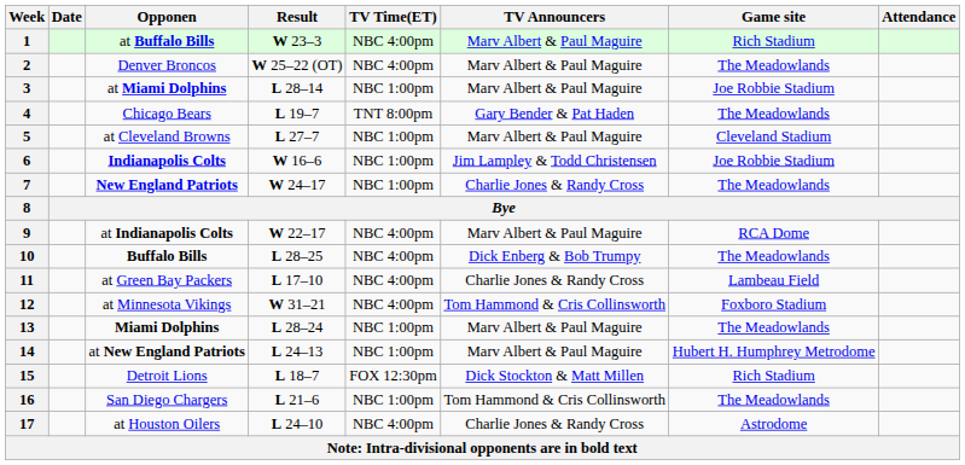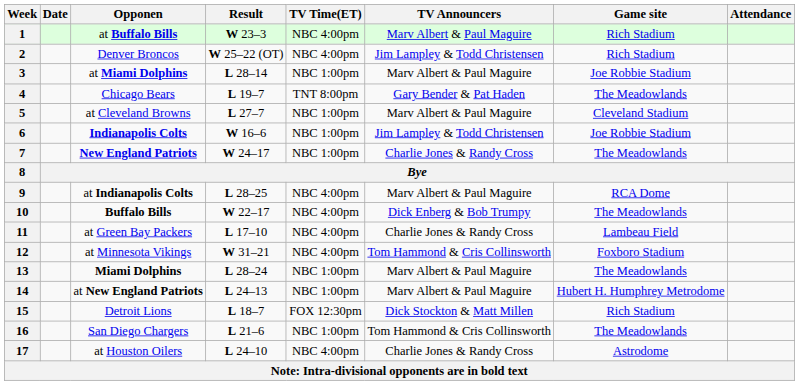 <table class="wikitable" style="text-align: center;">
 <tr>
 <th>Week</th>
 <th>Date</th>
 <th>Opponen</th>
 <th>Result</th>
 <th>TV Time(ET)</th>
 <th>TV Announcers</th>
 <th>Game site</th>
 <th>Attendance</th>
 </tr>
 <tr style="background: #ddffdd;">
 <th>1</th>
 <td></td>
 <td>at <strong><a href='#'>Buffalo Bills</a></strong></td>
 <td><strong>W</strong> 23–3</td>
 <td>NBC 4:00pm</td>
 <td><a href='#'>Marv Albert</a> & <a href='#'>Paul Maguire</a></td>
 <td><a href='#'>Rich Stadium</a></td>
 <td></td>
 </tr>
 <tr -style="background: #ddffdd;">
 <th>2</th>
 <td></td>
 <td><a href='#'>Denver Broncos</a></td>
 <td><strong>W</strong> 25–22 (OT)</td>
 <td>NBC 4:00pm</td>
-<td>Marv Albert & Paul Maguire</td>
-<td><a href='#'>The Meadowlands</a></td>
+<td><a href='#'>Jim Lampley</a> & <a href='#'>Todd Christensen</a></td>
+<td><a href='#'>Rich Stadium</a></td>
 <td></td>
 </tr>
 <tr -style="background: #ffdddd;">
 <th>3</th>
 <td></td>
 <td>at <strong><a href='#'>Miami Dolphins</a></strong></td>
 <td><strong>L</strong> 28–14</td>
 <td>NBC 1:00pm</td>
 <td>Marv Albert & Paul Maguire</td>
 <td><a href='#'>Joe Robbie Stadium</a></td>
 <td></td>
 </tr>
 <tr -style="background: #ffdddd;">
 <th>4</th>
 <td></td>
 <td><a href='#'>Chicago Bears</a></td>
 <td><strong>L</strong> 19–7</td>
 <td>TNT 8:00pm</td>
 <td><a href='#'>Gary Bender</a> & <a href='#'>Pat Haden</a></td>
 <td><a href='#'>The Meadowlands</a></td>
 <td></td>
 </tr>
 <tr -style="background: #ffdddd;">
 <th>5</th>
 <td></td>
 <td>at <a href='#'>Cleveland Browns</a></td>
 <td><strong>L</strong> 27–7</td>
 <td>NBC 1:00pm</td>
 <td>Marv Albert & Paul Maguire</td>
 <td><a href='#'>Cleveland Stadium</a></td>
 <td></td>
 </tr>
 <tr -style="background: #ddffdd;">
 <th>6</th>
 <td></td>
 <td><strong><a href='#'>Indianapolis Colts</a></strong></td>
 <td><strong>W</strong> 16–6</td>
 <td>NBC 1:00pm</td>
 <td><a href='#'>Jim Lampley</a> & <a href='#'>Todd Christensen</a></td>
 <td><a href='#'>Joe Robbie Stadium</a></td>
 <td></td>
 </tr>
 <tr -style="background: #ddffdd;">
 <th>7</th>
 <td></td>
 <td><strong><a href='#'>New England Patriots</a></strong></td>
 <td><strong>W</strong> 24–17</td>
 <td>NBC 1:00pm</td>
 <td><a href='#'>Charlie Jones</a> & <a href='#'>Randy Cross</a></td>
 <td><a href='#'>The Meadowlands</a></td>
 <td></td>
 </tr>
 <tr>
 <th>8</th>
 <th colspan="7"><em>Bye</em></th>
 </tr>
 <tr -style="background: #ffdddd;">
 <th>9</th>
 <td></td>
 <td>at <strong>Indianapolis Colts</strong></td>
-<td><strong>W</strong> 22–17</td>
+<td><strong>L</strong> 28–25</td>
 <td>NBC 4:00pm</td>
 <td>Marv Albert & Paul Maguire</td>
 <td><a href='#'>RCA Dome</a></td>
 <td></td>
 </tr>
 <tr -style="background: #ddffdd;">
 <th>10</th>
 <td></td>
 <td><strong>Buffalo Bills</strong></td>
-<td><strong>L</strong> 28–25</td>
+<td><strong>W</strong> 22–17</td>
 <td>NBC 4:00pm</td>
 <td><a href='#'>Dick Enberg</a> & <a href='#'>Bob Trumpy</a></td>
 <td><a href='#'>The Meadowlands</a></td>
 <td></td>
 </tr>
 <tr -style="background: #ffdddd;">
 <th>11</th>
 <td></td>
 <td>at <a href='#'>Green Bay Packers</a></td>
 <td><strong>L</strong> 17–10</td>
 <td>NBC 4:00pm</td>
 <td>Charlie Jones & Randy Cross</td>
 <td><a href='#'>Lambeau Field</a></td>
 <td></td>
 </tr>
 <tr -style="background: #ddffdd;">
 <th>12</th>
 <td></td>
 <td>at <a href='#'>Minnesota Vikings</a></td>
 <td><strong>W</strong> 31–21</td>
 <td>NBC 4:00pm</td>
 <td><a href='#'>Tom Hammond</a> & <a href='#'>Cris Collinsworth</a></td>
 <td><a href='#'>Foxboro Stadium</a></td>
 <td></td>
 </tr>
 <tr -style="background: #ffdddd;">
 <th>13</th>
 <td></td>
 <td><strong>Miami Dolphins</strong></td>
 <td><strong>L</strong> 28–24</td>
 <td>NBC 1:00pm</td>
 <td>Marv Albert & Paul Maguire</td>
 <td><a href='#'>The Meadowlands</a></td>
 <td></td>
 </tr>
 <tr -style="background: #ffdddd;">
 <th>14</th>
 <td></td>
 <td>at <strong>New England Patriots</strong></td>
 <td><strong>L</strong> 24–13</td>
 <td>NBC 1:00pm</td>
 <td>Marv Albert & Paul Maguire</td>
 <td><a href='#'>Hubert H. Humphrey Metrodome</a></td>
 <td></td>
 </tr>
 <tr -style="background: #ffdddd;">
 <th>15</th>
 <td></td>
 <td><a href='#'>Detroit Lions</a></td>
 <td><strong>L</strong> 18–7</td>
 <td>FOX 12:30pm</td>
 <td><a href='#'>Dick Stockton</a> & <a href='#'>Matt Millen</a></td>
 <td><a href='#'>Rich Stadium</a></td>
 <td></td>
 </tr>
 <tr -style="background: #ffdddd;">
 <th>16</th>
 <td></td>
 <td><a href='#'>San Diego Chargers</a></td>
 <td><strong>L</strong> 21–6</td>
 <td>NBC 1:00pm</td>
 <td>Tom Hammond & Cris Collinsworth</td>
 <td><a href='#'>The Meadowlands</a></td>
 <td></td>
 </tr>
 <tr -style="background: #ffdddd;">
 <th>17</th>
 <td></td>
 <td>at <a href='#'>Houston Oilers</a></td>
 <td><strong>L</strong> 24–10</td>
 <td>NBC 4:00pm</td>
 <td>Charlie Jones & Randy Cross</td>
 <td><a href='#'>Astrodome</a></td>
 <td></td>
 </tr>
 <tr>
 <th colspan="8"><strong>Note</strong>: Intra-divisional opponents are in <strong>bold</strong> text</th>
 </tr>
 </table>
